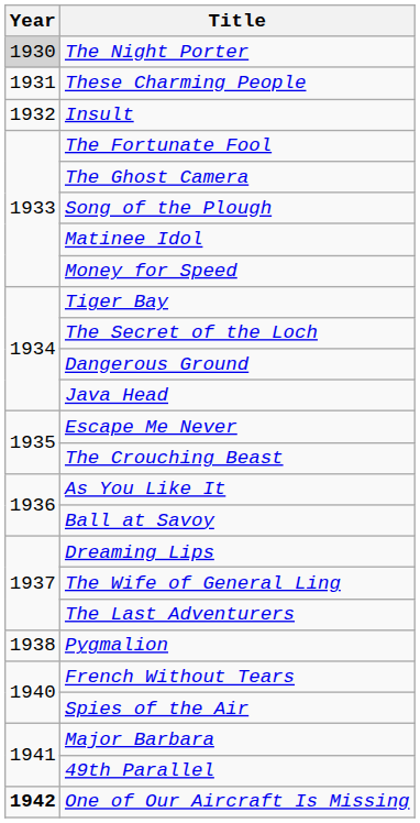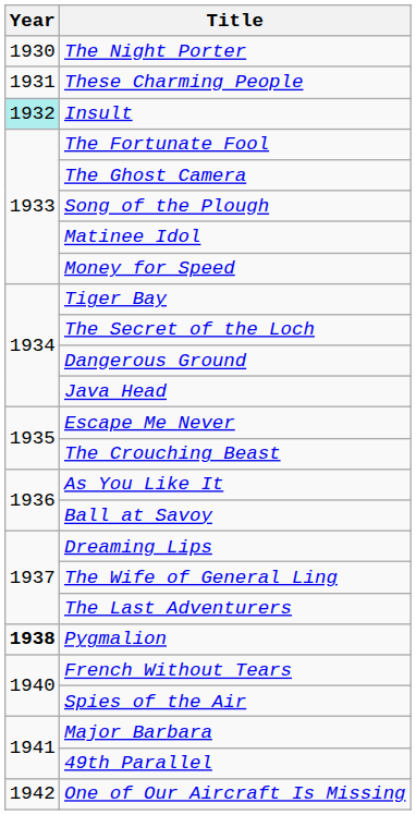 <table class="wikitable">
 <tr>
 <th>Year</th>
 <th>Title</th>
 </tr>
 <tr>
-<td style="background: lightgrey;">1930</td>
+<td>1930</td>
 <td><em><a href='#'>The Night Porter</a></em></td>
 </tr>
 <tr>
 <td>1931</td>
 <td><em><a href='#'>These Charming People</a></em></td>
 </tr>
 <tr>
-<td>1932</td>
+<td style="background: paleturquoise;">1932</td>
 <td><em><a href='#'>Insult</a></em></td>
 </tr>
 <tr>
 <td rowspan=5>1933</td>
 <td><em><a href='#'>The Fortunate Fool</a></em></td>
 </tr>
 <tr>
 <td><em><a href='#'>The Ghost Camera</a></em></td>
 </tr>
 <tr>
 <td><em><a href='#'>Song of the Plough</a></em></td>
 </tr>
 <tr>
 <td><em><a href='#'>Matinee Idol</a></em></td>
 </tr>
 <tr>
 <td><em><a href='#'>Money for Speed</a></em></td>
 </tr>
 <tr>
 <td rowspan=4>1934</td>
 <td><em><a href='#'>Tiger Bay</a></em></td>
 </tr>
 <tr>
 <td><em><a href='#'>The Secret of the Loch</a></em></td>
 </tr>
 <tr>
 <td><em><a href='#'>Dangerous Ground</a></em></td>
 </tr>
 <tr>
 <td><em><a href='#'>Java Head</a></em></td>
 </tr>
 <tr>
 <td rowspan=2>1935</td>
 <td><em><a href='#'>Escape Me Never</a></em></td>
 </tr>
 <tr>
 <td><em><a href='#'>The Crouching Beast</a></em></td>
 </tr>
 <tr>
 <td rowspan=2>1936</td>
 <td><em><a href='#'>As You Like It</a></em></td>
 </tr>
 <tr>
 <td><em><a href='#'>Ball at Savoy</a></em></td>
 </tr>
 <tr>
 <td rowspan=3>1937</td>
 <td><em><a href='#'>Dreaming Lips</a></em></td>
 </tr>
 <tr>
 <td><em><a href='#'>The Wife of General Ling</a></em></td>
 </tr>
 <tr>
 <td><em><a href='#'>The Last Adventurers</a></em></td>
 </tr>
 <tr>
-<td>1938</td>
+<td><strong>1938</strong></td>
 <td><em><a href='#'>Pygmalion</a></em></td>
 </tr>
 <tr>
 <td rowspan=2>1940</td>
 <td><em><a href='#'>French Without Tears</a></em></td>
 </tr>
 <tr>
 <td><em><a href='#'>Spies of the Air</a></em></td>
 </tr>
 <tr>
 <td rowspan=2>1941</td>
 <td><em><a href='#'>Major Barbara</a></em></td>
 </tr>
 <tr>
 <td><em><a href='#'>49th Parallel</a></em></td>
 </tr>
 <tr>
-<td><strong>1942</strong></td>
+<td>1942</td>
 <td><em><a href='#'>One of Our Aircraft Is Missing</a></em></td>
 </tr>
 </table>
